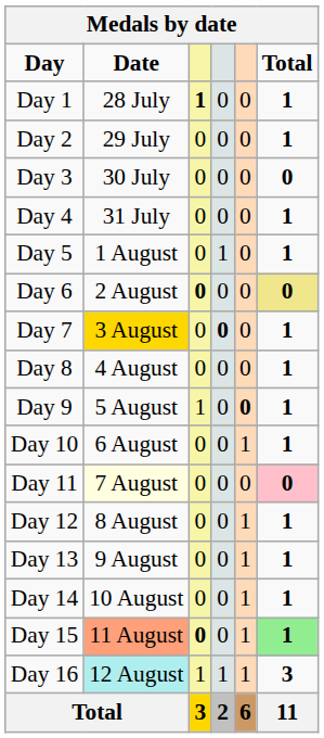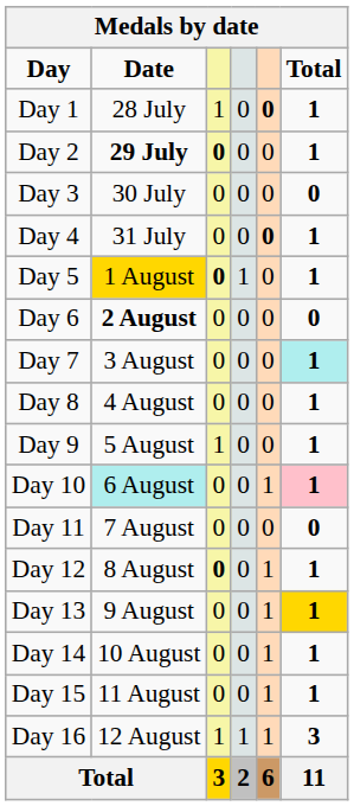 <table class=wikitable style="font-size:85%" align="left" valign="top">
 <tr bgcolor=efefef>
 <th colspan=6>Medals by date</th>
 </tr>
 <tr align=center>
 <td><strong>Day</strong></td>
 <td><strong>Date</strong></td>
 <td bgcolor=#f7f6a8></td>
 <td bgcolor=#dce5e5></td>
 <td bgcolor=#ffdab9></td>
 <td><strong>Total</strong></td>
 </tr>
 <tr align=center>
 <td>Day 1</td>
 <td>28 July</td>
-<td bgcolor=F7F6A8><strong>1</strong></td>
+<td bgcolor=F7F6A8>1</td>
 <td bgcolor=DCE5E5>0</td>
-<td bgcolor=FFDAB9>0</td>
+<td bgcolor=FFDAB9><strong>0</strong></td>
 <td><strong>1</strong></td>
 </tr>
 <tr align=center>
 <td>Day 2</td>
-<td>29 July</td>
-<td bgcolor=F7F6A8>0</td>
+<td><strong>29 July</strong></td>
+<td bgcolor=F7F6A8><strong>0</strong></td>
 <td bgcolor=DCE5E5>0</td>
 <td bgcolor=FFDAB9>0</td>
 <td><strong>1</strong></td>
 </tr>
 <tr align=center>
 <td>Day 3</td>
 <td>30 July</td>
 <td bgcolor=F7F6A8>0</td>
 <td bgcolor=DCE5E5>0</td>
 <td bgcolor=FFDAB9>0</td>
 <td><strong>0</strong></td>
 </tr>
 <tr align=center>
 <td>Day 4</td>
 <td>31 July</td>
 <td bgcolor=F7F6A8>0</td>
 <td bgcolor=DCE5E5>0</td>
-<td bgcolor=FFDAB9>0</td>
+<td bgcolor=FFDAB9><strong>0</strong></td>
 <td><strong>1</strong></td>
 </tr>
 <tr align=center>
 <td>Day 5</td>
-<td>1 August</td>
-<td bgcolor=F7F6A8>0</td>
+<td style="background: gold;">1 August</td>
+<td bgcolor=F7F6A8><strong>0</strong></td>
 <td bgcolor=DCE5E5>1</td>
 <td bgcolor=FFDAB9>0</td>
 <td><strong>1</strong></td>
 </tr>
 <tr align=center>
 <td>Day 6</td>
-<td>2 August</td>
-<td bgcolor=F7F6A8><strong>0</strong></td>
+<td><strong>2 August</strong></td>
+<td bgcolor=F7F6A8>0</td>
 <td bgcolor=DCE5E5>0</td>
 <td bgcolor=FFDAB9>0</td>
-<td style="background: khaki;"><strong>0</strong></td>
+<td><strong>0</strong></td>
 </tr>
 <tr align=center>
 <td>Day 7</td>
-<td style="background: gold;">3 August</td>
+<td>3 August</td>
 <td bgcolor=F7F6A8>0</td>
-<td bgcolor=DCE5E5><strong>0</strong></td>
+<td bgcolor=DCE5E5>0</td>
 <td bgcolor=FFDAB9>0</td>
-<td><strong>1</strong></td>
+<td style="background: paleturquoise;"><strong>1</strong></td>
 </tr>
 <tr align=center>
 <td>Day 8</td>
 <td>4 August</td>
 <td bgcolor=F7F6A8>0</td>
 <td bgcolor=DCE5E5>0</td>
 <td bgcolor=FFDAB9>0</td>
 <td><strong>1</strong></td>
 </tr>
 <tr align=center>
 <td>Day 9</td>
 <td>5 August</td>
 <td bgcolor=F7F6A8>1</td>
 <td bgcolor=DCE5E5>0</td>
-<td bgcolor=FFDAB9><strong>0</strong></td>
+<td bgcolor=FFDAB9>0</td>
 <td><strong>1</strong></td>
 </tr>
 <tr align=center>
 <td>Day 10</td>
-<td>6 August</td>
+<td style="background: paleturquoise;">6 August</td>
 <td bgcolor=F7F6A8>0</td>
 <td bgcolor=DCE5E5>0</td>
 <td bgcolor=FFDAB9>1</td>
-<td><strong>1</strong></td>
+<td style="background: pink;"><strong>1</strong></td>
 </tr>
 <tr align=center>
 <td>Day 11</td>
-<td style="background: lightyellow;">7 August</td>
+<td>7 August</td>
 <td bgcolor=F7F6A8>0</td>
 <td bgcolor=DCE5E5>0</td>
 <td bgcolor=FFDAB9>0</td>
-<td style="background: pink;"><strong>0</strong></td>
+<td><strong>0</strong></td>
 </tr>
 <tr align=center>
 <td>Day 12</td>
 <td>8 August</td>
-<td bgcolor=F7F6A8>0</td>
+<td bgcolor=F7F6A8><strong>0</strong></td>
 <td bgcolor=DCE5E5>0</td>
 <td bgcolor=FFDAB9>1</td>
 <td><strong>1</strong></td>
 </tr>
 <tr align=center>
 <td>Day 13</td>
 <td>9 August</td>
 <td bgcolor=F7F6A8>0</td>
 <td bgcolor=DCE5E5>0</td>
 <td bgcolor=FFDAB9>1</td>
-<td><strong>1</strong></td>
+<td style="background: gold;"><strong>1</strong></td>
 </tr>
 <tr align=center>
 <td>Day 14</td>
 <td>10 August</td>
 <td bgcolor=F7F6A8>0</td>
 <td bgcolor=DCE5E5>0</td>
 <td bgcolor=FFDAB9>1</td>
 <td><strong>1</strong></td>
 </tr>
 <tr align=center>
 <td>Day 15</td>
-<td style="background: lightsalmon;">11 August</td>
-<td bgcolor=F7F6A8><strong>0</strong></td>
+<td>11 August</td>
+<td bgcolor=F7F6A8>0</td>
 <td bgcolor=DCE5E5>0</td>
 <td bgcolor=FFDAB9>1</td>
-<td style="background: lightgreen;"><strong>1</strong></td>
+<td><strong>1</strong></td>
 </tr>
 <tr align=center>
 <td>Day 16</td>
-<td style="background: paleturquoise;">12 August</td>
+<td>12 August</td>
 <td bgcolor=F7F6A8>1</td>
 <td bgcolor=DCE5E5>1</td>
 <td bgcolor=FFDAB9>1</td>
 <td><strong>3</strong></td>
 </tr>
 <tr>
 <th colspan=2>Total</th>
 <th style="background:gold">3</th>
 <th style="background:silver">2</th>
 <th style="background:#c96">6</th>
 <th>11</th>
 </tr>
 </table>
